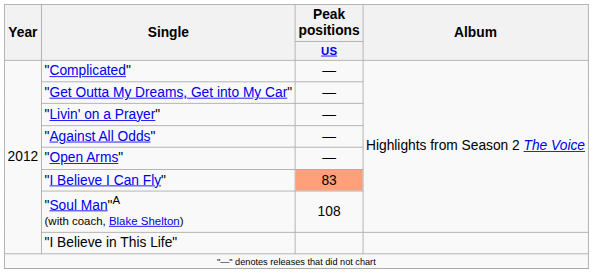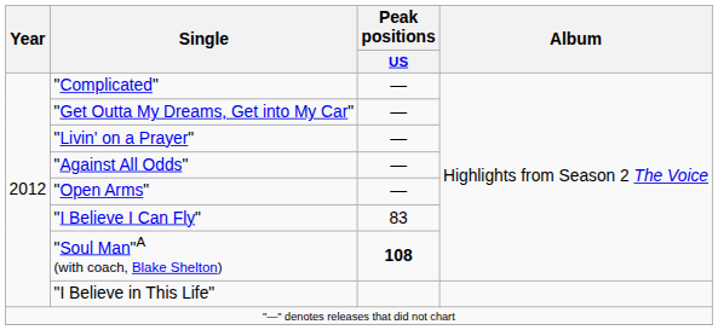 <table class="wikitable" style="text-align:center;">
 <tr>
 <th rowspan="2">Year</th>
 <th rowspan="2">Single</th>
 <th colspan="1">Peak positions</th>
 <th rowspan="2">Album</th>
 </tr>
 <tr style="font-size:smaller;">
 <th width="50"><a href='#'>US</a></th>
 </tr>
 <tr>
 <td rowspan="8">2012</td>
 <td align="left">"<a href='#'>Complicated</a>"</td>
 <td>—</td>
 <td rowspan="7">Highlights from Season 2 <em><a href='#'>The Voice</a></em></td>
 </tr>
 <tr>
 <td align="left">"<a href='#'>Get Outta My Dreams, Get into My Car</a>"</td>
 <td>—</td>
 </tr>
 <tr>
 <td align="left">"<a href='#'>Livin' on a Prayer</a>"</td>
 <td>—</td>
 </tr>
 <tr>
 <td align="left">"<a href='#'>Against All Odds</a>"</td>
 <td>—</td>
 </tr>
 <tr>
 <td align="left">"<a href='#'>Open Arms</a>"</td>
 <td>—</td>
 </tr>
 <tr>
 <td align="left">"<a href='#'>I Believe I Can Fly</a>"</td>
-<td style="background: lightsalmon;">83</td>
+<td>83</td>
 </tr>
 <tr>
 <td align="left">"<a href='#'>Soul Man</a>"<sup>A</sup> <br> <small>(with coach, <a href='#'>Blake Shelton</a>)</small></td>
-<td>108</td>
+<td><strong>108</strong></td>
 </tr>
 <tr>
 <td align="left">"I Believe in This Life" <br> <small></small></td>
 <td></td>
 <td align="center"></td>
 </tr>
 <tr>
 <td colspan="4" style="font-size:8pt">"—" denotes releases that did not chart</td>
 </tr>
 <tr>
 </tr>
 </table>
